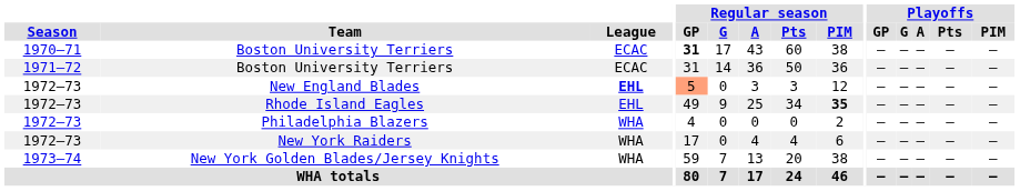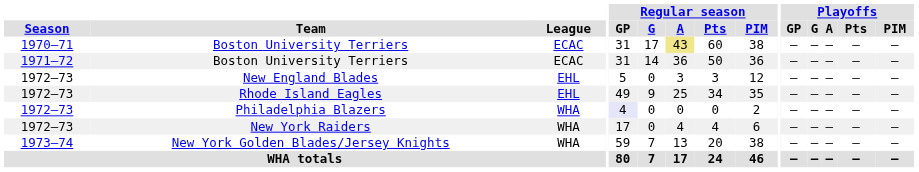 <table border="0" cellpadding="1" cellspacing="0" style="text-align:center; width:75%">
 <tr bgcolor="#e0e0e0">
 <th colspan="3" bgcolor="#ffffff"></th>
 <th rowspan="99" bgcolor="#ffffff"></th>
 <th colspan="5"><a href='#'>Regular season</a></th>
 <th rowspan="99" bgcolor="#ffffff"></th>
 <th colspan="5"><a href='#'>Playoffs</a></th>
 </tr>
 <tr bgcolor="#e0e0e0">
 <th><a href='#'>Season</a></th>
 <th>Team</th>
 <th>League</th>
 <th>GP</th>
 <th><a href='#'>G</a></th>
 <th><a href='#'>A</a></th>
 <th><a href='#'>Pts</a></th>
 <th><a href='#'>PIM</a></th>
 <th>GP</th>
 <th>G</th>
 <th>A</th>
 <th>Pts</th>
 <th>PIM</th>
 </tr>
 <tr>
 <td><a href='#'>1970–71</a></td>
 <td><a href='#'>Boston University Terriers</a></td>
 <td><a href='#'>ECAC</a></td>
-<td><strong>31</strong></td>
+<td>31</td>
 <td>17</td>
-<td>43</td>
+<td style="background: khaki;">43</td>
 <td>60</td>
 <td>38</td>
 <td>—</td>
 <td>—</td>
 <td>—</td>
 <td>—</td>
 <td>—</td>
 </tr>
 <tr bgcolor="#f0f0f0">
 <td><a href='#'>1971–72</a></td>
 <td>Boston University Terriers</td>
 <td>ECAC</td>
 <td>31</td>
 <td>14</td>
 <td>36</td>
 <td>50</td>
 <td>36</td>
 <td>—</td>
 <td>—</td>
 <td>—</td>
 <td>—</td>
 <td>—</td>
 </tr>
 <tr>
 <td>1972–73</td>
 <td><a href='#'>New England Blades</a></td>
-<td><strong><a href='#'>EHL</a></strong></td>
-<td style="background: lightsalmon;">5</td>
+<td><a href='#'>EHL</a></td>
+<td>5</td>
 <td>0</td>
 <td>3</td>
 <td>3</td>
 <td>12</td>
 <td>—</td>
 <td>—</td>
 <td>—</td>
 <td>—</td>
 <td>—</td>
 </tr>
 <tr bgcolor="#f0f0f0">
 <td>1972–73</td>
 <td><a href='#'>Rhode Island Eagles</a></td>
 <td><a href='#'>EHL</a></td>
 <td>49</td>
 <td>9</td>
 <td>25</td>
 <td>34</td>
-<td><strong>35</strong></td>
+<td>35</td>
 <td>—</td>
 <td>—</td>
 <td>—</td>
 <td>—</td>
 <td>—</td>
 </tr>
 <tr>
 <td><a href='#'>1972–73</a></td>
 <td><a href='#'>Philadelphia Blazers</a></td>
 <td><a href='#'>WHA</a></td>
-<td>4</td>
+<td style="background: lavender;">4</td>
 <td>0</td>
 <td>0</td>
 <td>0</td>
 <td>2</td>
 <td>—</td>
 <td>—</td>
 <td>—</td>
 <td>—</td>
 <td>—</td>
 </tr>
 <tr bgcolor="#f0f0f0">
 <td>1972–73</td>
 <td><a href='#'>New York Raiders</a></td>
 <td>WHA</td>
 <td>17</td>
 <td>0</td>
 <td>4</td>
 <td>4</td>
 <td>6</td>
 <td>—</td>
 <td>—</td>
 <td>—</td>
 <td>—</td>
 <td>—</td>
 </tr>
 <tr>
 <td><a href='#'>1973–74</a></td>
 <td><a href='#'>New York Golden Blades/Jersey Knights</a></td>
 <td>WHA</td>
 <td>59</td>
 <td>7</td>
 <td>13</td>
 <td>20</td>
 <td>38</td>
 <td>—</td>
 <td>—</td>
 <td>—</td>
 <td>—</td>
 <td>—</td>
 </tr>
 <tr ALIGN="center" bgcolor="#e0e0e0">
 <th colspan="3">WHA totals</th>
 <th>80</th>
 <th>7</th>
 <th>17</th>
 <th>24</th>
 <th>46</th>
 <th>—</th>
 <th>—</th>
 <th>—</th>
 <th>—</th>
 <th>—</th>
 </tr>
 </table>
